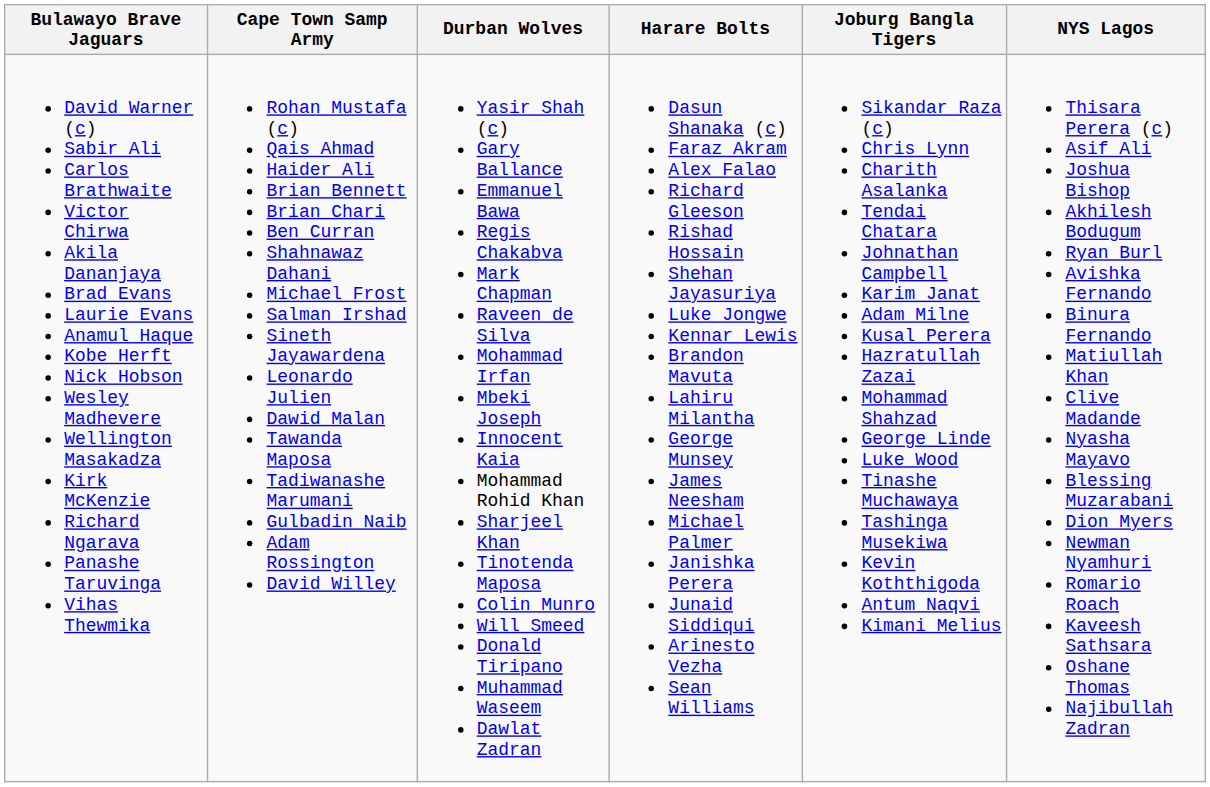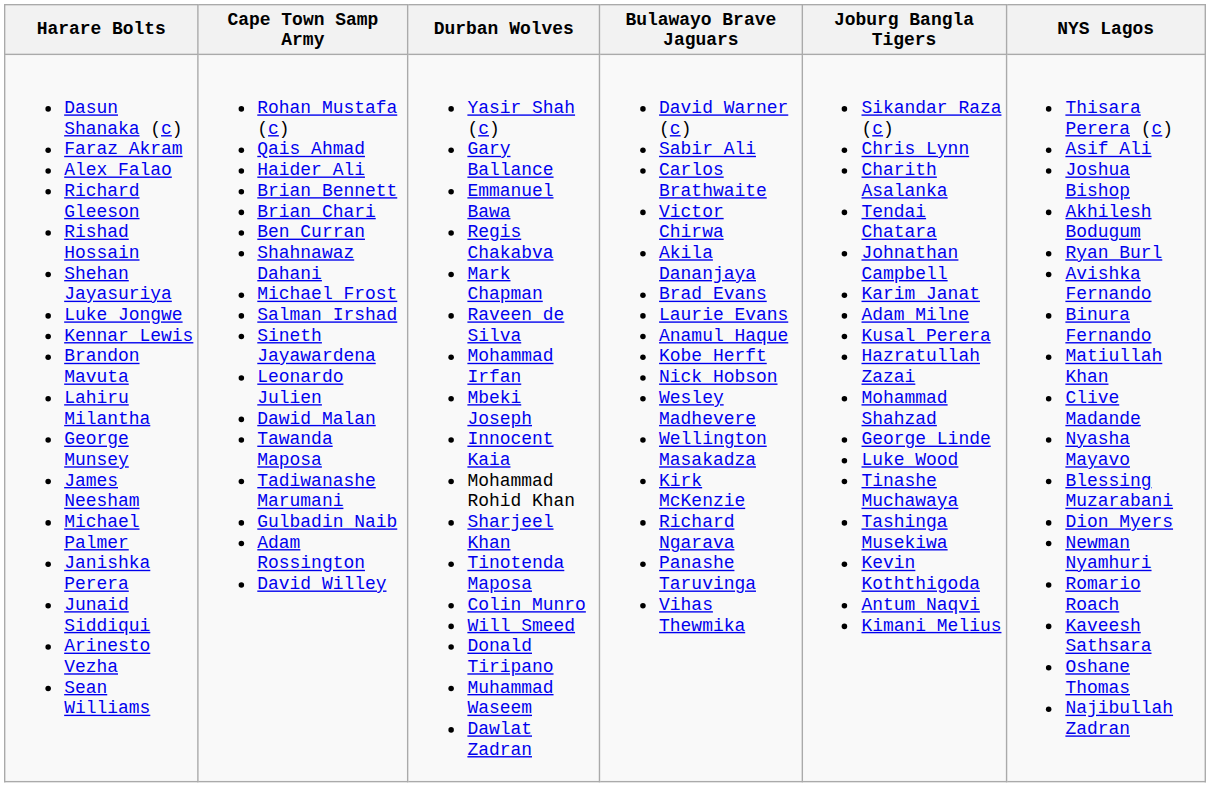 <table class="wikitable">
 <tr>
-<th>Bulawayo Brave Jaguars</th>
+<th>Harare Bolts</th>
 <th>Cape Town Samp Army</th>
 <th>Durban Wolves</th>
-<th>Harare Bolts</th>
+<th>Bulawayo Brave Jaguars</th>
 <th>Joburg Bangla Tigers</th>
 <th>NYS Lagos</th>
 </tr>
 <tr>
-<td valign="top"><br><ul><li><a href='#'>David Warner</a> (<a href='#'>c</a>)</li><li><a href='#'>Sabir Ali</a></li><li><a href='#'>Carlos Brathwaite</a></li><li><a href='#'>Victor Chirwa</a></li><li><a href='#'>Akila Dananjaya</a></li><li><a href='#'>Brad Evans</a></li><li><a href='#'>Laurie Evans</a></li><li><a href='#'>Anamul Haque</a></li><li><a href='#'>Kobe Herft</a></li><li><a href='#'>Nick Hobson</a></li><li><a href='#'>Wesley Madhevere</a></li><li><a href='#'>Wellington Masakadza</a></li><li><a href='#'>Kirk McKenzie</a></li><li><a href='#'>Richard Ngarava</a></li><li><a href='#'>Panashe Taruvinga</a></li><li><a href='#'>Vihas Thewmika</a></li></ul></td>
+<td valign="top"><br><ul><li><a href='#'>Dasun Shanaka</a> (<a href='#'>c</a>)</li><li><a href='#'>Faraz Akram</a></li><li><a href='#'>Alex Falao</a></li><li><a href='#'>Richard Gleeson</a></li><li><a href='#'>Rishad Hossain</a></li><li><a href='#'>Shehan Jayasuriya</a></li><li><a href='#'>Luke Jongwe</a></li><li><a href='#'>Kennar Lewis</a></li><li><a href='#'>Brandon Mavuta</a></li><li><a href='#'>Lahiru Milantha</a></li><li><a href='#'>George Munsey</a></li><li><a href='#'>James Neesham</a></li><li><a href='#'>Michael Palmer</a></li><li><a href='#'>Janishka Perera</a></li><li><a href='#'>Junaid Siddiqui</a></li><li><a href='#'>Arinesto Vezha</a></li><li><a href='#'>Sean Williams</a></li></ul></td>
 <td valign="top"><br><ul><li><a href='#'>Rohan Mustafa</a> (<a href='#'>c</a>)</li><li><a href='#'>Qais Ahmad</a></li><li><a href='#'>Haider Ali</a></li><li><a href='#'>Brian Bennett</a></li><li><a href='#'>Brian Chari</a></li><li><a href='#'>Ben Curran</a></li><li><a href='#'>Shahnawaz Dahani</a></li><li><a href='#'>Michael Frost</a></li><li><a href='#'>Salman Irshad</a></li><li><a href='#'>Sineth Jayawardena</a></li><li><a href='#'>Leonardo Julien</a></li><li><a href='#'>Dawid Malan</a></li><li><a href='#'>Tawanda Maposa</a></li><li><a href='#'>Tadiwanashe Marumani</a></li><li><a href='#'>Gulbadin Naib</a></li><li><a href='#'>Adam Rossington</a></li><li><a href='#'>David Willey</a></li></ul></td>
 <td valign="top"><br><ul><li><a href='#'>Yasir Shah</a> (<a href='#'>c</a>)</li><li><a href='#'>Gary Ballance</a></li><li><a href='#'>Emmanuel Bawa</a></li><li><a href='#'>Regis Chakabva</a></li><li><a href='#'>Mark Chapman</a></li><li><a href='#'>Raveen de Silva</a></li><li><a href='#'>Mohammad Irfan</a></li><li><a href='#'>Mbeki Joseph</a></li><li><a href='#'>Innocent Kaia</a></li><li>Mohammad Rohid Khan</li><li><a href='#'>Sharjeel Khan</a></li><li><a href='#'>Tinotenda Maposa</a></li><li><a href='#'>Colin Munro</a></li><li><a href='#'>Will Smeed</a></li><li><a href='#'>Donald Tiripano</a></li><li><a href='#'>Muhammad Waseem</a></li><li><a href='#'>Dawlat Zadran</a></li></ul></td>
-<td valign="top"><br><ul><li><a href='#'>Dasun Shanaka</a> (<a href='#'>c</a>)</li><li><a href='#'>Faraz Akram</a></li><li><a href='#'>Alex Falao</a></li><li><a href='#'>Richard Gleeson</a></li><li><a href='#'>Rishad Hossain</a></li><li><a href='#'>Shehan Jayasuriya</a></li><li><a href='#'>Luke Jongwe</a></li><li><a href='#'>Kennar Lewis</a></li><li><a href='#'>Brandon Mavuta</a></li><li><a href='#'>Lahiru Milantha</a></li><li><a href='#'>George Munsey</a></li><li><a href='#'>James Neesham</a></li><li><a href='#'>Michael Palmer</a></li><li><a href='#'>Janishka Perera</a></li><li><a href='#'>Junaid Siddiqui</a></li><li><a href='#'>Arinesto Vezha</a></li><li><a href='#'>Sean Williams</a></li></ul></td>
+<td valign="top"><br><ul><li><a href='#'>David Warner</a> (<a href='#'>c</a>)</li><li><a href='#'>Sabir Ali</a></li><li><a href='#'>Carlos Brathwaite</a></li><li><a href='#'>Victor Chirwa</a></li><li><a href='#'>Akila Dananjaya</a></li><li><a href='#'>Brad Evans</a></li><li><a href='#'>Laurie Evans</a></li><li><a href='#'>Anamul Haque</a></li><li><a href='#'>Kobe Herft</a></li><li><a href='#'>Nick Hobson</a></li><li><a href='#'>Wesley Madhevere</a></li><li><a href='#'>Wellington Masakadza</a></li><li><a href='#'>Kirk McKenzie</a></li><li><a href='#'>Richard Ngarava</a></li><li><a href='#'>Panashe Taruvinga</a></li><li><a href='#'>Vihas Thewmika</a></li></ul></td>
 <td valign="top"><br><ul><li><a href='#'>Sikandar Raza</a> (<a href='#'>c</a>)</li><li><a href='#'>Chris Lynn</a></li><li><a href='#'>Charith Asalanka</a></li><li><a href='#'>Tendai Chatara</a></li><li><a href='#'>Johnathan Campbell</a></li><li><a href='#'>Karim Janat</a></li><li><a href='#'>Adam Milne</a></li><li><a href='#'>Kusal Perera</a></li><li><a href='#'>Hazratullah Zazai</a></li><li><a href='#'>Mohammad Shahzad</a></li><li><a href='#'>George Linde</a></li><li><a href='#'>Luke Wood</a></li><li><a href='#'>Tinashe Muchawaya</a></li><li><a href='#'>Tashinga Musekiwa</a></li><li><a href='#'>Kevin Koththigoda</a></li><li><a href='#'>Antum Naqvi</a></li><li><a href='#'>Kimani Melius</a></li></ul></td>
 <td valign="top"><br><ul><li><a href='#'>Thisara Perera</a> (<a href='#'>c</a>)</li><li><a href='#'>Asif Ali</a></li><li><a href='#'>Joshua Bishop</a></li><li><a href='#'>Akhilesh Bodugum</a></li><li><a href='#'>Ryan Burl</a></li><li><a href='#'>Avishka Fernando</a></li><li><a href='#'>Binura Fernando</a></li><li><a href='#'>Matiullah Khan</a></li><li><a href='#'>Clive Madande</a></li><li><a href='#'>Nyasha Mayavo</a></li><li><a href='#'>Blessing Muzarabani</a></li><li><a href='#'>Dion Myers</a></li><li><a href='#'>Newman Nyamhuri</a></li><li><a href='#'>Romario Roach</a></li><li><a href='#'>Kaveesh Sathsara</a></li><li><a href='#'>Oshane Thomas</a></li><li><a href='#'>Najibullah Zadran</a></li></ul></td>
 </tr>
 </table>
